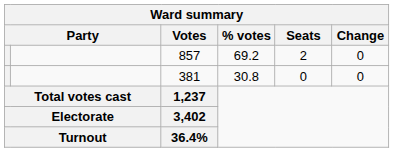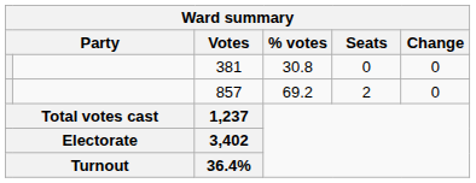 <table class="wikitable" style="font-size: 95%;">
 <tr>
 <th colspan="6">Ward summary</th>
 </tr>
 <tr>
 <th colspan="2">Party</th>
 <th style="width: 60px">Votes</th>
 <th style="width: 60px">% votes</th>
 <th style="width: 60px">Seats</th>
 <th style="width: 60px">Change</th>
 </tr>
 <tr>
 <th style="background-color: "></th>
 <td style="width: 170px"><a href='#'></a></td>
-<td align="center">857</td>
-<td align="center">69.2</td>
-<td align="center">2</td>
+<td align="center">381</td>
+<td align="center">30.8</td>
+<td align="center">0</td>
 <td align="center">0</td>
 </tr>
 <tr>
 <th style="background-color: "></th>
 <td style="width: 170px"><a href='#'></a></td>
-<td align="center">381</td>
-<td align="center">30.8</td>
-<td align="center">0</td>
+<td align="center">857</td>
+<td align="center">69.2</td>
+<td align="center">2</td>
 <td align="center">0</td>
 </tr>
 <tr style="background-color:#E9E9E9">
 <th colspan="2">Total votes cast</th>
 <th style="width: 60px">1,237</th>
 </tr>
 <tr style="background-color:#E9E9E9">
 <th colspan="2">Electorate</th>
 <th style="width: 60px">3,402</th>
 </tr>
 <tr style="background-color:#E9E9E9">
 <th colspan="2">Turnout</th>
 <th style="width: 60px">36.4%</th>
 </tr>
 </table>
